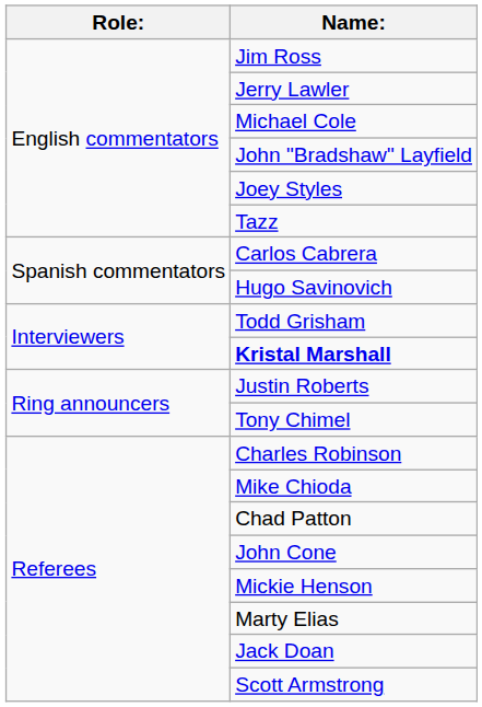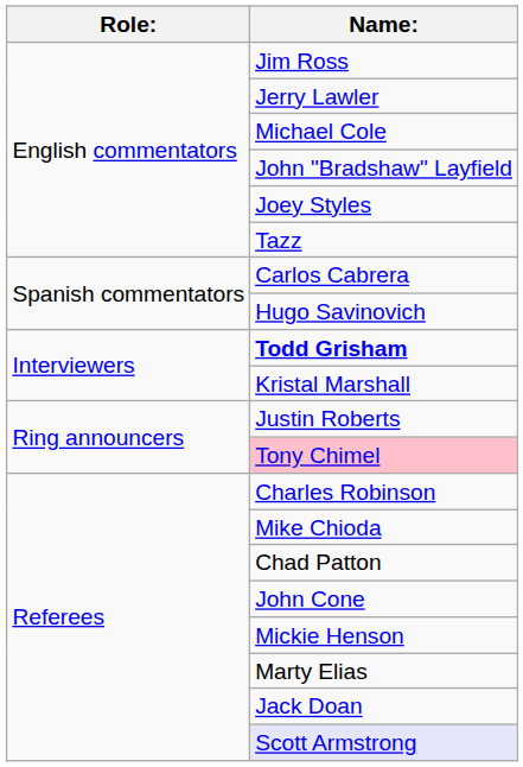 <table class=wikitable style="font-size:90%; margin: 0.5em 0 0.5em 1em; float: right; clear: right;">
 <tr>
 <th>Role:</th>
 <th>Name:</th>
 </tr>
 <tr>
 <td rowspan=6>English <a href='#'>commentators</a></td>
 <td><a href='#'>Jim Ross</a> </td>
 </tr>
 <tr>
 <td><a href='#'>Jerry Lawler</a> </td>
 </tr>
 <tr>
 <td><a href='#'>Michael Cole</a> </td>
 </tr>
 <tr>
 <td><a href='#'>John "Bradshaw" Layfield</a> </td>
 </tr>
 <tr>
 <td><a href='#'>Joey Styles</a> </td>
 </tr>
 <tr>
 <td><a href='#'>Tazz</a> </td>
 </tr>
 <tr>
 <td rowspan=2>Spanish commentators</td>
 <td><a href='#'>Carlos Cabrera</a></td>
 </tr>
 <tr>
 <td><a href='#'>Hugo Savinovich</a></td>
 </tr>
 <tr>
 <td rowspan=2><a href='#'>Interviewers</a></td>
-<td><a href='#'>Todd Grisham</a></td>
+<td><strong><a href='#'>Todd Grisham</a></strong></td>
 </tr>
 <tr>
-<td><strong><a href='#'>Kristal Marshall</a></strong></td>
+<td><a href='#'>Kristal Marshall</a></td>
 </tr>
 <tr>
 <td rowspan=2><a href='#'>Ring announcers</a></td>
 <td><a href='#'>Justin Roberts</a> </td>
 </tr>
 <tr>
-<td><a href='#'>Tony Chimel</a> </td>
+<td style="background: pink;"><a href='#'>Tony Chimel</a> </td>
 </tr>
 <tr>
 <td rowspan=8><a href='#'>Referees</a></td>
 <td><a href='#'>Charles Robinson</a></td>
 </tr>
 <tr>
 <td><a href='#'>Mike Chioda</a></td>
 </tr>
 <tr>
 <td>Chad Patton</td>
 </tr>
 <tr>
 <td><a href='#'>John Cone</a></td>
 </tr>
 <tr>
 <td><a href='#'>Mickie Henson</a></td>
 </tr>
 <tr>
 <td>Marty Elias</td>
 </tr>
 <tr>
 <td><a href='#'>Jack Doan</a></td>
 </tr>
 <tr>
-<td><a href='#'>Scott Armstrong</a></td>
+<td style="background: lavender;"><a href='#'>Scott Armstrong</a></td>
 </tr>
 </table>
